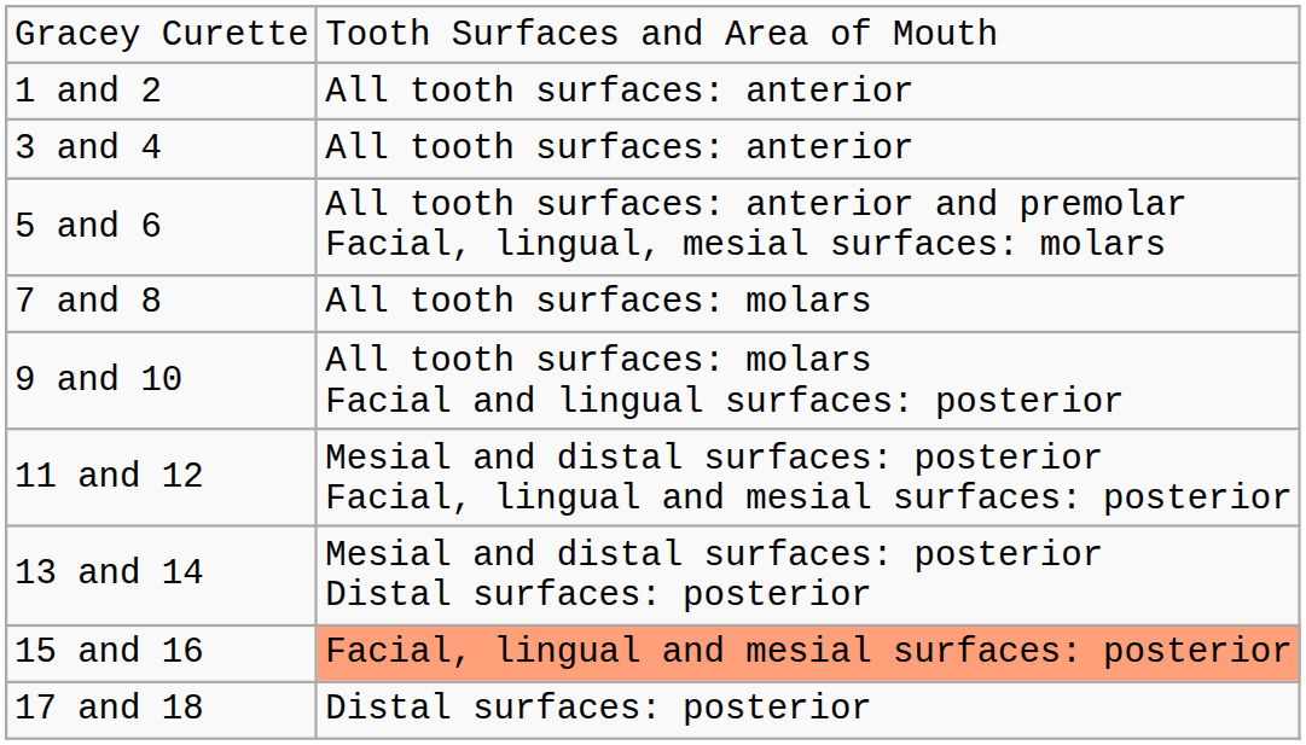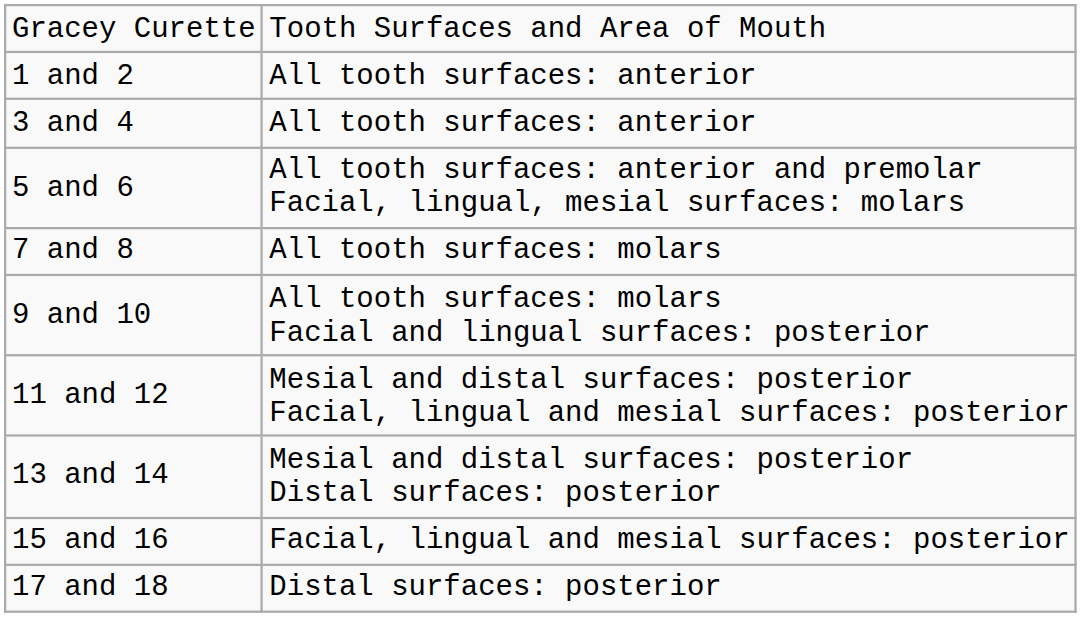 <table class="wikitable">
 <tr>
 <td>Gracey Curette</td>
 <td>Tooth Surfaces and Area of Mouth</td>
 </tr>
 <tr>
 <td>1 and 2</td>
 <td>All tooth surfaces: anterior</td>
 </tr>
 <tr>
 <td>3 and 4</td>
 <td>All tooth surfaces: anterior</td>
 </tr>
 <tr>
 <td>5 and 6</td>
 <td>All tooth surfaces: anterior and premolar<br>Facial, lingual, mesial surfaces: molars</td>
 </tr>
 <tr>
 <td>7 and 8</td>
 <td>All tooth surfaces: molars</td>
 </tr>
 <tr>
 <td>9 and 10</td>
 <td>All tooth surfaces: molars<br>Facial and lingual surfaces: posterior</td>
 </tr>
 <tr>
 <td>11 and 12</td>
 <td>Mesial and distal surfaces: posterior<br>Facial, lingual and mesial surfaces: posterior</td>
 </tr>
 <tr>
 <td>13 and 14</td>
 <td>Mesial and distal surfaces: posterior<br>Distal surfaces: posterior</td>
 </tr>
 <tr>
 <td>15 and 16</td>
-<td style="background: lightsalmon;">Facial, lingual and mesial surfaces: posterior</td>
+<td>Facial, lingual and mesial surfaces: posterior</td>
 </tr>
 <tr>
 <td>17 and 18</td>
 <td>Distal surfaces: posterior</td>
 </tr>
 </table>
